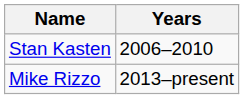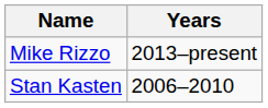 <table class="wikitable">
 <tr>
 <th>Name</th>
 <th>Years</th>
 </tr>
 <tr>
+<td><a href='#'>Mike Rizzo</a></td>
+<td>2013–present</td>
+</tr>
+<tr>
 <td><a href='#'>Stan Kasten</a></td>
 <td>2006–2010</td>
 </tr>
-<tr>
-<td><a href='#'>Mike Rizzo</a></td>
-<td>2013–present</td>
-</tr>
 </table>
